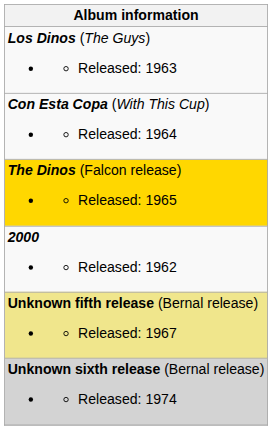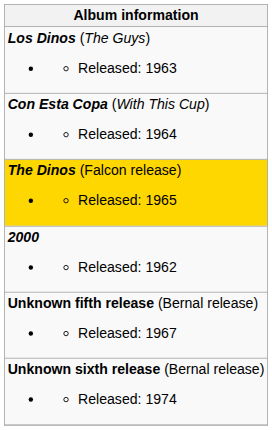 <table class="wikitable">
 <tr>
 <th align="left">Album information</th>
 </tr>
 <tr>
 <td align="left"><strong><em>Los Dinos</em></strong> (<em>The Guys</em>)<br><ul><li><ul><li>Released: 1963</li></ul></li></ul></td>
 </tr>
 <tr>
 <td align="left"><strong><em>Con Esta Copa</em></strong> (<em>With This Cup</em>)<br><ul><li><ul><li>Released: 1964</li></ul></li></ul></td>
 </tr>
 <tr>
 <td align="left" style="background: gold;"><strong><em>The Dinos</em></strong> (Falcon release)<br><ul><li><ul><li>Released: 1965</li></ul></li></ul></td>
 </tr>
 <tr>
 <td align="left"><strong><em>2000</em></strong><br><ul><li><ul><li>Released: 1962</li></ul></li></ul></td>
 </tr>
 <tr>
-<td align="left" style="background: khaki;"><strong>Unknown fifth release</strong> (Bernal release)<br><ul><li><ul><li>Released: 1967</li></ul></li></ul></td>
+<td align="left"><strong>Unknown fifth release</strong> (Bernal release)<br><ul><li><ul><li>Released: 1967</li></ul></li></ul></td>
 </tr>
 <tr>
-<td align="left" style="background: lightgrey;"><strong>Unknown sixth release</strong> (Bernal release)<br><ul><li><ul><li>Released: 1974</li></ul></li></ul></td>
+<td align="left"><strong>Unknown sixth release</strong> (Bernal release)<br><ul><li><ul><li>Released: 1974</li></ul></li></ul></td>
 </tr>
 <tr>
 </tr>
 </table>
